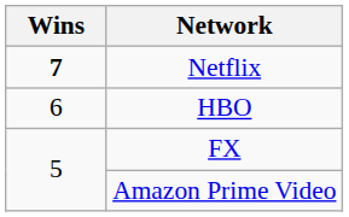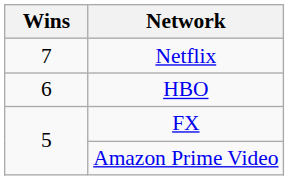 <table class="wikitable floatright" style="text-align: center;">
 <tr>
 <th scope="col" style="width:55px;">Wins</th>
 <th scope="col" style="text-align:center;">Network</th>
 </tr>
 <tr>
-<td scope=row style="text-align:center"><strong>7</strong></td>
+<td scope=row style="text-align:center">7</td>
 <td><a href='#'>Netflix</a></td>
 </tr>
 <tr>
 <td scope=row style="text-align:center">6</td>
 <td><a href='#'>HBO</a></td>
 </tr>
 <tr>
 <td scope=row rowspan="2" style="text-align:center">5</td>
 <td><a href='#'>FX</a></td>
 </tr>
 <tr>
 <td><a href='#'>Amazon Prime Video</a></td>
 </tr>
 </table>
